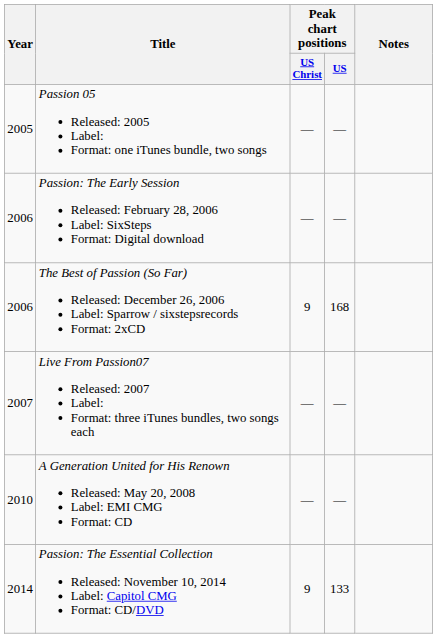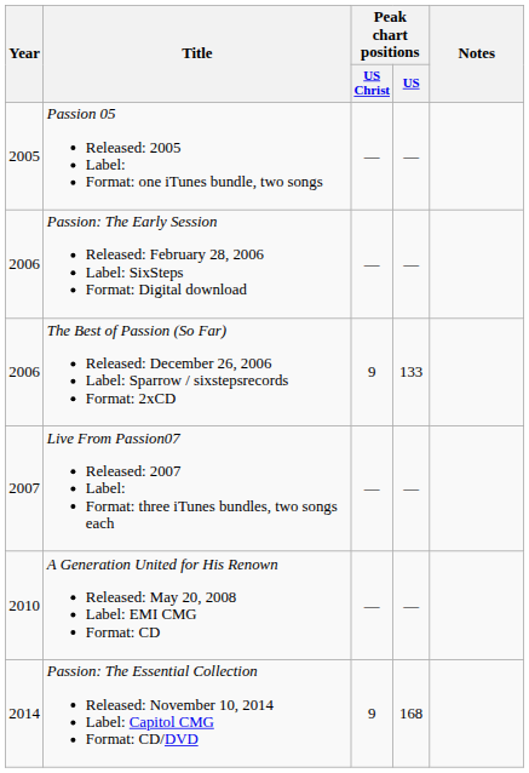 <table class="wikitable" style="text-align:center">
 <tr>
 <th rowspan="2">Year</th>
 <th width="310" rowspan="2">Title</th>
 <th colspan="2">Peak chart positions</th>
 <th width="90" rowspan="2">Notes</th>
 </tr>
 <tr>
 <th scope="col" style="width:2.3em;font-size:85%;"><a href='#'>US<br>Christ</a><br></th>
 <th scope="col" style="width:2.3em;font-size:85%;"><a href='#'>US</a><br></th>
 </tr>
 <tr>
 <td>2005</td>
 <td align="left"><em>Passion 05</em><br><ul><li>Released: 2005</li><li>Label:</li><li>Format: one iTunes bundle, two songs</li></ul></td>
 <td>—</td>
 <td>—</td>
 <td></td>
 </tr>
 <tr>
 <td>2006</td>
 <td align="left"><em>Passion: The Early Session</em><br><ul><li>Released: February 28, 2006</li><li>Label: SixSteps</li><li>Format: Digital download</li></ul></td>
 <td>—</td>
 <td>—</td>
 <td></td>
 </tr>
 <tr>
 <td>2006</td>
 <td align="left"><em>The Best of Passion (So Far)</em><br><ul><li>Released: December 26, 2006</li><li>Label: Sparrow / sixstepsrecords</li><li>Format: 2xCD</li></ul></td>
 <td>9</td>
-<td>168</td>
+<td>133</td>
 <td></td>
 </tr>
 <tr>
 <td>2007</td>
 <td align="left"><em>Live From Passion07</em><br><ul><li>Released: 2007</li><li>Label:</li><li>Format: three iTunes bundles, two songs each</li></ul></td>
 <td>—</td>
 <td>—</td>
 <td></td>
 </tr>
 <tr>
 <td>2010</td>
 <td align="left"><em>A Generation United for His Renown</em><br><ul><li>Released: May 20, 2008</li><li>Label: EMI CMG</li><li>Format: CD</li></ul></td>
 <td>—</td>
 <td>—</td>
 <td></td>
 </tr>
 <tr>
 <td>2014</td>
 <td align="left"><em>Passion: The Essential Collection</em><br><ul><li>Released: November 10, 2014</li><li>Label: <a href='#'>Capitol CMG</a></li><li>Format: CD/<a href='#'>DVD</a></li></ul></td>
 <td>9</td>
-<td>133</td>
+<td>168</td>
 <td></td>
 </tr>
 </table>
